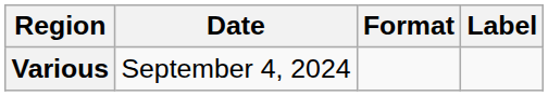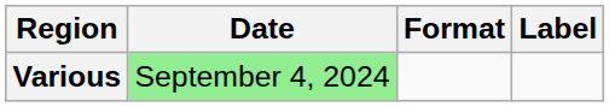 <table class="wikitable plainrowheaders">
 <tr>
 <th scope="col">Region</th>
 <th scope="col">Date</th>
 <th scope="col">Format</th>
 <th scope="col">Label</th>
 </tr>
 <tr>
 <th scope="row">Various</th>
-<td>September 4, 2024</td>
+<td style="background: lightgreen;">September 4, 2024</td>
 <td rowspan="2"></td>
 <td></td>
 </tr>
 </table>
